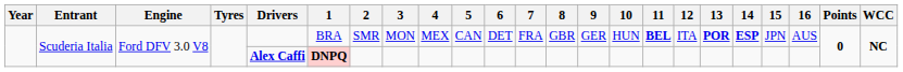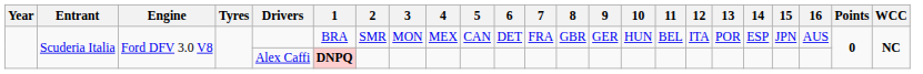 <table class="wikitable" style="text-align:center; font-size:90%">
 <tr>
 <th>Year</th>
 <th>Entrant</th>
 <th>Engine</th>
 <th>Tyres</th>
 <th>Drivers</th>
 <th>1</th>
 <th>2</th>
 <th>3</th>
 <th>4</th>
 <th>5</th>
 <th>6</th>
 <th>7</th>
 <th>8</th>
 <th>9</th>
 <th>10</th>
 <th>11</th>
 <th>12</th>
 <th>13</th>
 <th>14</th>
 <th>15</th>
 <th>16</th>
 <th>Points</th>
 <th>WCC</th>
 </tr>
 <tr>
 <td rowspan="2"></td>
 <td rowspan="2"><a href='#'>Scuderia Italia</a></td>
 <td rowspan="2"><a href='#'>Ford DFV</a> 3.0 <a href='#'>V8</a></td>
 <td rowspan="2"></td>
 <td></td>
 <td><a href='#'>BRA</a></td>
 <td><a href='#'>SMR</a></td>
 <td><a href='#'>MON</a></td>
 <td><a href='#'>MEX</a></td>
 <td><a href='#'>CAN</a></td>
 <td><a href='#'>DET</a></td>
 <td><a href='#'>FRA</a></td>
 <td><a href='#'>GBR</a></td>
 <td><a href='#'>GER</a></td>
 <td><a href='#'>HUN</a></td>
-<td><strong><a href='#'>BEL</a></strong></td>
+<td><a href='#'>BEL</a></td>
 <td><a href='#'>ITA</a></td>
-<td><strong><a href='#'>POR</a></strong></td>
-<td><strong><a href='#'>ESP</a></strong></td>
+<td><a href='#'>POR</a></td>
+<td><a href='#'>ESP</a></td>
 <td><a href='#'>JPN</a></td>
 <td><a href='#'>AUS</a></td>
 <td rowspan="2"><strong>0</strong></td>
 <td rowspan="2"><strong>NC</strong></td>
 </tr>
 <tr>
-<td><strong><a href='#'>Alex Caffi</a></strong></td>
+<td><a href='#'>Alex Caffi</a></td>
 <td style="background:#FFCFCF;"><strong>DNPQ</strong></td>
 <td></td>
 <td></td>
 <td></td>
 <td></td>
 <td></td>
 <td></td>
 <td></td>
 <td></td>
 <td></td>
 <td></td>
 <td></td>
 <td></td>
 <td></td>
 <td></td>
 <td></td>
 </tr>
 </table>
